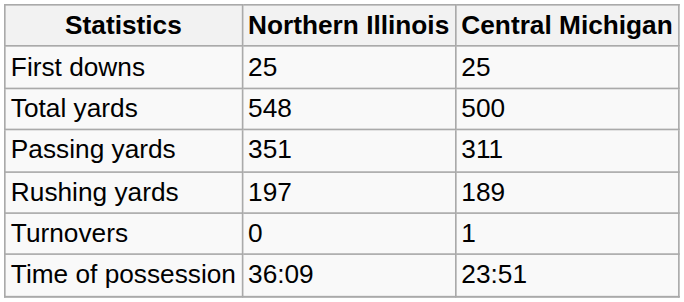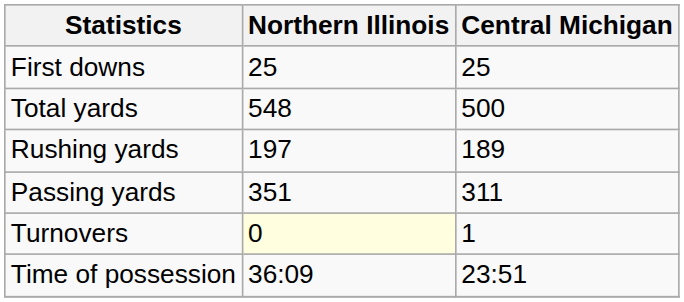 <table class="wikitable">
 <tr>
 <th>Statistics</th>
 <th>Northern Illinois</th>
 <th>Central Michigan</th>
 </tr>
 <tr>
 <td>First downs</td>
 <td>25</td>
 <td>25</td>
 </tr>
 <tr>
 <td>Total yards</td>
 <td>548</td>
 <td>500</td>
 </tr>
 <tr>
+<td>Rushing yards</td>
+<td>197</td>
+<td>189</td>
+</tr>
+<tr>
 <td>Passing yards</td>
 <td>351</td>
 <td>311</td>
 </tr>
 <tr>
-<td>Rushing yards</td>
-<td>197</td>
-<td>189</td>
-</tr>
-<tr>
 <td>Turnovers</td>
-<td>0</td>
+<td style="background: lightyellow;">0</td>
 <td>1</td>
 </tr>
 <tr>
 <td>Time of possession</td>
 <td>36:09</td>
 <td>23:51</td>
 </tr>
 <tr>
 </tr>
 </table>
